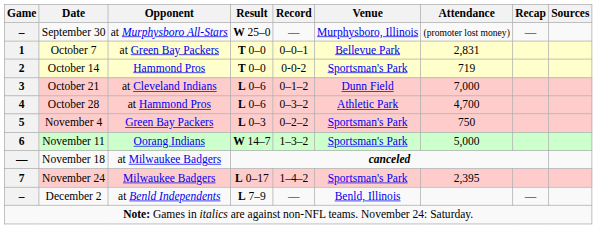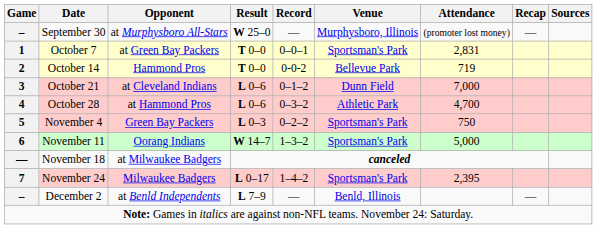 <table class="wikitable" style="text-align:center">
 <tr>
 <th>Game</th>
 <th>Date</th>
 <th>Opponent</th>
 <th>Result</th>
 <th>Record</th>
 <th>Venue</th>
 <th>Attendance</th>
 <th>Recap</th>
 <th>Sources</th>
 </tr>
 <tr>
 <th>–</th>
 <td>September 30</td>
 <td>at <em><a href='#'>Murphysboro All-Stars</a></em></td>
 <td><strong>W</strong> 25–0</td>
 <td>—</td>
 <td><a href='#'>Murphysboro, Illinois</a></td>
 <td><small>(promoter lost money)</small></td>
 <td>—</td>
 <td></td>
 </tr>
 <tr style="background:#ffc">
 <th>1</th>
 <td>October 7</td>
 <td>at <a href='#'>Green Bay Packers</a></td>
 <td><strong>T</strong> 0–0</td>
 <td>0–0–1</td>
-<td><a href='#'>Bellevue Park</a></td>
+<td><a href='#'>Sportsman's Park</a></td>
 <td>2,831</td>
 <td></td>
 <td></td>
 </tr>
 <tr style="background:#ffc">
 <th>2</th>
 <td>October 14</td>
 <td><a href='#'>Hammond Pros</a></td>
 <td><strong>T</strong> 0–0</td>
 <td>0-0-2</td>
-<td><a href='#'>Sportsman's Park</a></td>
+<td><a href='#'>Bellevue Park</a></td>
 <td>719</td>
 <td></td>
 <td></td>
 </tr>
 <tr style="background:#fcc">
 <th>3</th>
 <td>October 21</td>
 <td>at <a href='#'>Cleveland Indians</a></td>
 <td><strong>L</strong> 0–6</td>
 <td>0–1–2</td>
 <td><a href='#'>Dunn Field</a></td>
 <td>7,000</td>
 <td></td>
 <td></td>
 </tr>
 <tr style="background:#fcc">
 <th>4</th>
 <td>October 28</td>
 <td>at <a href='#'>Hammond Pros</a></td>
 <td><strong>L</strong> 0–6</td>
 <td>0–3–2</td>
 <td><a href='#'>Athletic Park</a></td>
 <td>4,700 </td>
 <td></td>
 <td></td>
 </tr>
 <tr style="background:#fcc">
 <th>5</th>
 <td>November 4</td>
 <td><a href='#'>Green Bay Packers</a></td>
 <td><strong>L</strong> 0–3</td>
 <td>0–2–2</td>
 <td><a href='#'>Sportsman's Park</a></td>
 <td>750</td>
 <td></td>
 <td></td>
 </tr>
 <tr style="background:#cfc">
 <th>6</th>
 <td>November 11</td>
 <td><a href='#'>Oorang Indians</a></td>
 <td><strong>W</strong> 14–7</td>
 <td>1–3–2</td>
 <td><a href='#'>Sportsman's Park</a></td>
 <td>5,000</td>
 <td></td>
 <td></td>
 </tr>
 <tr>
 <th>—</th>
 <td>November 18</td>
 <td>at <a href='#'>Milwaukee Badgers</a></td>
 <td colspan="5"><strong><em>canceled</em></strong></td>
 <td></td>
 </tr>
 <tr style="background:#fcc">
 <th>7</th>
 <td>November 24</td>
 <td><a href='#'>Milwaukee Badgers</a></td>
 <td><strong>L</strong> 0–17</td>
 <td>1–4–2</td>
 <td><a href='#'>Sportsman's Park</a></td>
 <td>2,395</td>
 <td></td>
 <td></td>
 </tr>
 <tr>
 <th>–</th>
 <td>December 2</td>
 <td>at <em><a href='#'>Benld Independents</a></em></td>
 <td><strong>L</strong> 7–9</td>
 <td>—</td>
 <td><a href='#'>Benld, Illinois</a></td>
 <td></td>
 <td>—</td>
 <td></td>
 </tr>
 <tr>
 <td colspan="10"><strong>Note:</strong> Games in <em>italics</em> are against non-NFL teams. November 24: Saturday.</td>
 </tr>
 </table>
